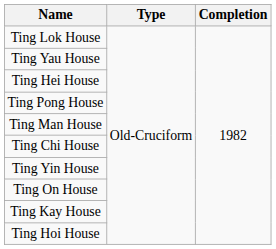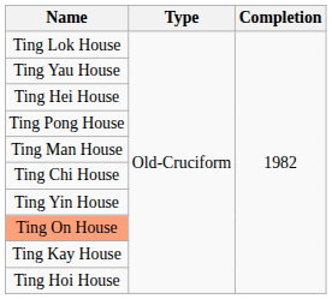 <table class="wikitable" style="text-align: center">
 <tr>
 <th>Name</th>
 <th>Type</th>
 <th>Completion</th>
 </tr>
 <tr>
 <td>Ting Lok House</td>
 <td rowspan="10">Old-Cruciform</td>
 <td rowspan="10">1982</td>
 </tr>
 <tr>
 <td>Ting Yau House</td>
 </tr>
 <tr>
 <td>Ting Hei House</td>
 </tr>
 <tr>
 <td>Ting Pong House</td>
 </tr>
 <tr>
 <td>Ting Man House</td>
 </tr>
 <tr>
 <td>Ting Chi House</td>
 </tr>
 <tr>
 <td>Ting Yin House</td>
 </tr>
 <tr>
-<td>Ting On House</td>
+<td style="background: lightsalmon;">Ting On House</td>
 </tr>
 <tr>
 <td>Ting Kay House</td>
 </tr>
 <tr>
 <td>Ting Hoi House</td>
 </tr>
 </table>
